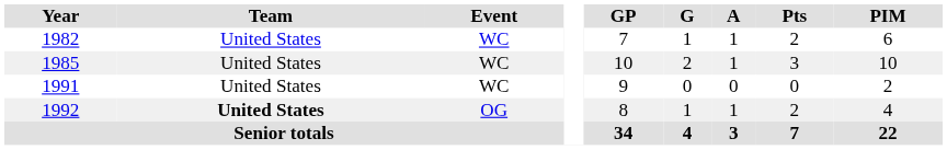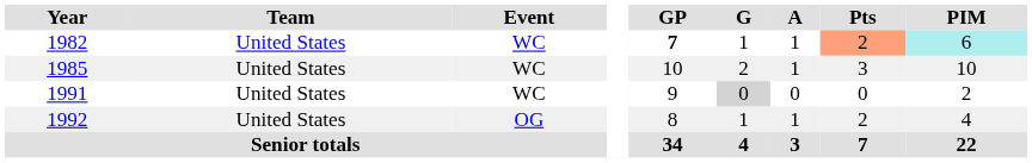 <table border="0" cellpadding="1" cellspacing="0" style="text-align:center; width:50em">
 <tr ALIGN="center" bgcolor="#e0e0e0">
 <th>Year</th>
 <th>Team</th>
 <th>Event</th>
 <th rowspan="99" bgcolor="#ffffff"> </th>
 <th>GP</th>
 <th>G</th>
 <th>A</th>
 <th>Pts</th>
 <th>PIM</th>
 </tr>
 <tr>
 <td><a href='#'>1982</a></td>
 <td><a href='#'>United States</a></td>
 <td><a href='#'>WC</a></td>
-<td>7</td>
+<td><strong>7</strong></td>
 <td>1</td>
 <td>1</td>
-<td>2</td>
-<td>6</td>
+<td style="background: lightsalmon;">2</td>
+<td style="background: paleturquoise;">6</td>
 </tr>
 <tr bgcolor="#f0f0f0">
 <td><a href='#'>1985</a></td>
 <td>United States</td>
 <td>WC</td>
 <td>10</td>
 <td>2</td>
 <td>1</td>
 <td>3</td>
 <td>10</td>
 </tr>
 <tr>
 <td><a href='#'>1991</a></td>
 <td>United States</td>
 <td>WC</td>
 <td>9</td>
-<td>0</td>
+<td style="background: lightgrey;">0</td>
 <td>0</td>
 <td>0</td>
 <td>2</td>
 </tr>
 <tr bgcolor="#f0f0f0">
 <td><a href='#'>1992</a></td>
-<td><strong>United States</strong></td>
+<td>United States</td>
 <td><a href='#'>OG</a></td>
 <td>8</td>
 <td>1</td>
 <td>1</td>
 <td>2</td>
 <td>4</td>
 </tr>
 <tr bgcolor="#e0e0e0">
 <th colspan=3>Senior totals</th>
 <th>34</th>
 <th>4</th>
 <th>3</th>
 <th>7</th>
 <th>22</th>
 </tr>
 </table>
